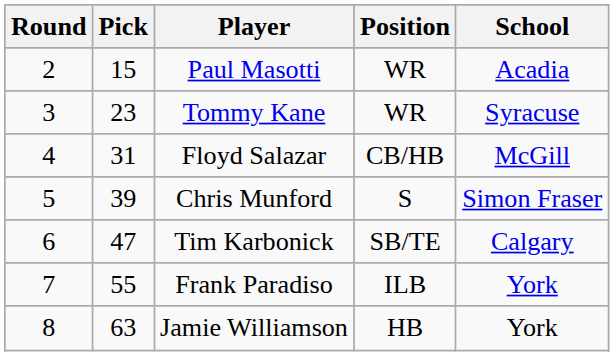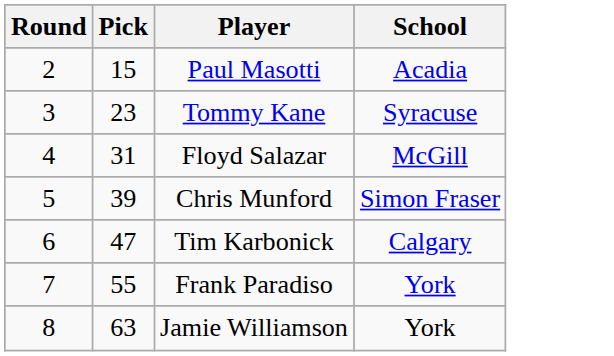 <table class="wikitable" style="font-size: 95%;">
 <tr>
 <th scope="col">Round</th>
 <th scope="col">Pick</th>
 <th scope="col">Player</th>
-<th scope="col">Position</th>
 <th scope="col">School</th>
 </tr>
 <tr align="center">
 <td align=center>2</td>
 <td>15</td>
 <td><a href='#'>Paul Masotti</a></td>
-<td>WR</td>
 <td><a href='#'>Acadia</a></td>
 </tr>
 <tr align="center">
 <td align=center>3</td>
 <td>23</td>
 <td><a href='#'>Tommy Kane</a></td>
-<td>WR</td>
 <td><a href='#'>Syracuse</a></td>
 </tr>
 <tr align="center">
 <td align=center>4</td>
 <td>31</td>
 <td>Floyd Salazar</td>
-<td>CB/HB</td>
 <td><a href='#'>McGill</a></td>
 </tr>
 <tr align="center">
 <td align=center>5</td>
 <td>39</td>
 <td>Chris Munford</td>
-<td>S</td>
 <td><a href='#'>Simon Fraser</a></td>
 </tr>
 <tr align="center">
 <td align=center>6</td>
 <td>47</td>
 <td>Tim Karbonick</td>
-<td>SB/TE</td>
 <td><a href='#'>Calgary</a></td>
 </tr>
 <tr align="center">
 <td align=center>7</td>
 <td>55</td>
 <td>Frank Paradiso</td>
-<td>ILB</td>
 <td><a href='#'>York</a></td>
 </tr>
 <tr align="center">
 <td align=center>8</td>
 <td>63</td>
 <td>Jamie Williamson</td>
-<td>HB</td>
 <td>York</td>
 </tr>
 </table>
